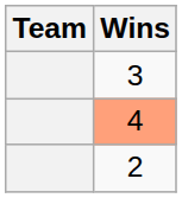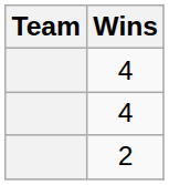 <table class="wikitable sortable plainrowheaders" style="text-align:center">
 <tr>
 <th scope="col">Team</th>
 <th scope="col">Wins</th>
 </tr>
 <tr>
 <th scope="row"></th>
-<td>3</td>
+<td>4</td>
 </tr>
 <tr>
 <th scope="row"></th>
-<td style="background: lightsalmon;">4</td>
+<td>4</td>
 </tr>
 <tr>
 <th scope="row"></th>
 <td>2</td>
 </tr>
 </table>
